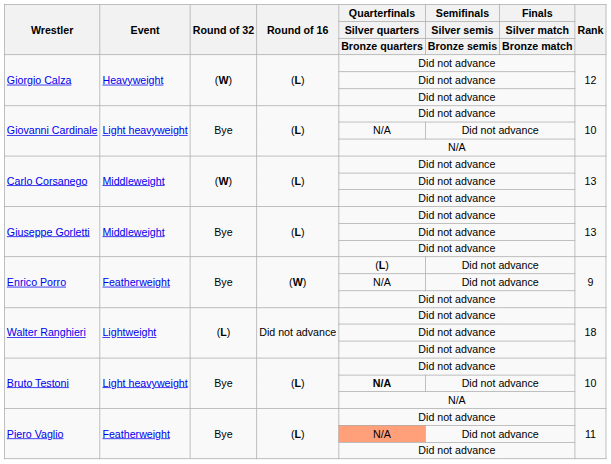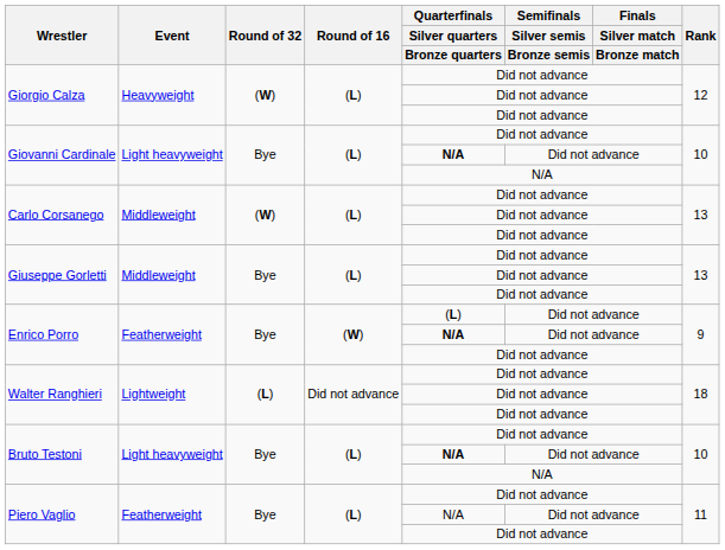 <table class=wikitable style="font-size:90%">
 <tr>
 <th rowspan=3>Wrestler</th>
 <th rowspan=3>Event</th>
 <th rowspan=3>Round of 32</th>
 <th rowspan=3>Round of 16</th>
 <th>Quarterfinals</th>
 <th>Semifinals</th>
 <th>Finals</th>
 <th rowspan=3>Rank</th>
 </tr>
 <tr>
 <th>Silver quarters</th>
 <th>Silver semis</th>
 <th>Silver match</th>
 </tr>
 <tr>
 <th>Bronze quarters</th>
 <th>Bronze semis</th>
 <th>Bronze match</th>
 </tr>
 <tr>
 <td rowspan=3><a href='#'>Giorgio Calza</a></td>
 <td rowspan=3><a href='#'>Heavyweight</a></td>
 <td align=center rowspan=3> (<strong>W</strong>)</td>
 <td align=center rowspan=3> (<strong>L</strong>)</td>
 <td align=center colspan=3>Did not advance</td>
 <td align=center rowspan=3>12</td>
 </tr>
 <tr>
 <td align=center colspan=3>Did not advance</td>
 </tr>
 <tr>
 <td align=center colspan=3>Did not advance</td>
 </tr>
 <tr>
 <td rowspan=3><a href='#'>Giovanni Cardinale</a></td>
 <td rowspan=3><a href='#'>Light heavyweight</a></td>
 <td align=center rowspan=3>Bye</td>
 <td align=center rowspan=3> (<strong>L</strong>)</td>
 <td align=center colspan=3>Did not advance</td>
 <td align=center rowspan=3>10</td>
 </tr>
 <tr>
-<td align=center>N/A</td>
+<td align=center><strong>N/A</strong></td>
 <td align=center colspan=2>Did not advance</td>
 </tr>
 <tr>
 <td align=center colspan=3>N/A</td>
 </tr>
 <tr>
 <td rowspan=3><a href='#'>Carlo Corsanego</a></td>
 <td rowspan=3><a href='#'>Middleweight</a></td>
 <td align=center rowspan=3> (<strong>W</strong>)</td>
 <td align=center rowspan=3> (<strong>L</strong>)</td>
 <td align=center colspan=3>Did not advance</td>
 <td align=center rowspan=3>13</td>
 </tr>
 <tr>
 <td align=center colspan=3>Did not advance</td>
 </tr>
 <tr>
 <td align=center colspan=3>Did not advance</td>
 </tr>
 <tr>
 <td rowspan=3><a href='#'>Giuseppe Gorletti</a></td>
 <td rowspan=3><a href='#'>Middleweight</a></td>
 <td align=center rowspan=3>Bye</td>
 <td align=center rowspan=3> (<strong>L</strong>)</td>
 <td align=center colspan=3>Did not advance</td>
 <td align=center rowspan=3>13</td>
 </tr>
 <tr>
 <td align=center colspan=3>Did not advance</td>
 </tr>
 <tr>
 <td align=center colspan=3>Did not advance</td>
 </tr>
 <tr>
 <td rowspan=3><a href='#'>Enrico Porro</a></td>
 <td rowspan=3><a href='#'>Featherweight</a></td>
 <td align=center rowspan=3>Bye</td>
 <td align=center rowspan=3> (<strong>W</strong>)</td>
 <td align=center> (<strong>L</strong>)</td>
 <td align=center colspan=2>Did not advance</td>
 <td align=center rowspan=3>9</td>
 </tr>
 <tr>
-<td align=center>N/A</td>
+<td align=center><strong>N/A</strong></td>
 <td align=center colspan=2>Did not advance</td>
 </tr>
 <tr>
 <td align=center colspan=3>Did not advance</td>
 </tr>
 <tr>
 <td rowspan=3><a href='#'>Walter Ranghieri</a></td>
 <td rowspan=3><a href='#'>Lightweight</a></td>
 <td align=center rowspan=3> (<strong>L</strong>)</td>
 <td align=center rowspan=3>Did not advance</td>
 <td align=center colspan=3>Did not advance</td>
 <td align=center rowspan=3>18</td>
 </tr>
 <tr>
 <td align=center colspan=3>Did not advance</td>
 </tr>
 <tr>
 <td align=center colspan=3>Did not advance</td>
 </tr>
 <tr>
 <td rowspan=3><a href='#'>Bruto Testoni</a></td>
 <td rowspan=3><a href='#'>Light heavyweight</a></td>
 <td align=center rowspan=3>Bye</td>
 <td align=center rowspan=3> (<strong>L</strong>)</td>
 <td align=center colspan=3>Did not advance</td>
 <td align=center rowspan=3>10</td>
 </tr>
 <tr>
 <td align=center><strong>N/A</strong></td>
 <td align=center colspan=2>Did not advance</td>
 </tr>
 <tr>
 <td align=center colspan=3>N/A</td>
 </tr>
 <tr>
 <td rowspan=3><a href='#'>Piero Vaglio</a></td>
 <td rowspan=3><a href='#'>Featherweight</a></td>
 <td align=center rowspan=3>Bye</td>
 <td align=center rowspan=3> (<strong>L</strong>)</td>
 <td align=center colspan=3>Did not advance</td>
 <td align=center rowspan=3>11</td>
 </tr>
 <tr>
-<td align=center style="background: lightsalmon;">N/A</td>
+<td align=center>N/A</td>
 <td align=center colspan=2>Did not advance</td>
 </tr>
 <tr>
 <td align=center colspan=3>Did not advance</td>
 </tr>
 </table>
